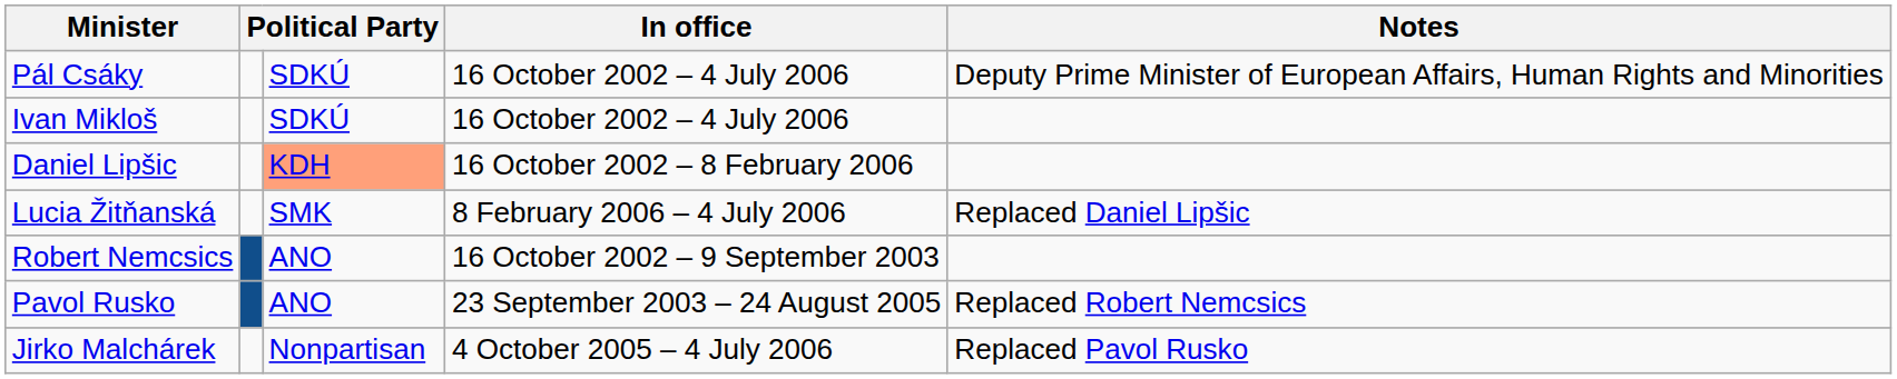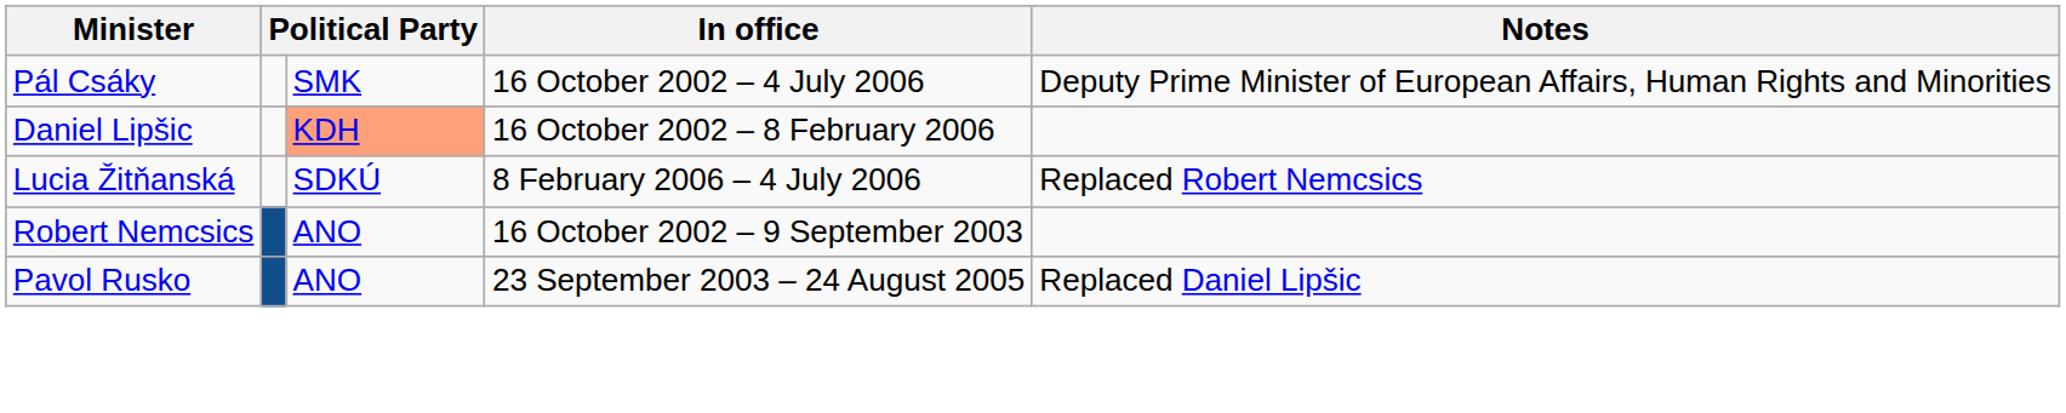 <table class="wikitable">
 <tr>
 <th>Minister</th>
 <th colspan=2>Political Party</th>
 <th>In office</th>
 <th>Notes</th>
 </tr>
 <tr>
 <td><a href='#'>Pál Csáky</a></td>
 <td style="background-color: "></td>
-<td><a href='#'>SDKÚ</a></td>
+<td><a href='#'>SMK</a></td>
 <td>16 October 2002 – 4 July 2006</td>
 <td>Deputy Prime Minister of European Affairs, Human Rights and Minorities</td>
-</tr>
-<tr>
-<td><a href='#'>Ivan Mikloš</a></td>
-<td style="background-color: "></td>
-<td><a href='#'>SDKÚ</a></td>
-<td>16 October 2002 – 4 July 2006</td>
-<td></td>
 </tr>
 <tr>
 <td><a href='#'>Daniel Lipšic</a></td>
 <td style="background-color: "></td>
 <td style="background: lightsalmon;"><a href='#'>KDH</a></td>
 <td>16 October 2002 – 8 February 2006</td>
 <td></td>
 </tr>
 <tr>
 <td><a href='#'>Lucia Žitňanská</a></td>
 <td style="background-color: "></td>
-<td><a href='#'>SMK</a></td>
+<td><a href='#'>SDKÚ</a></td>
 <td>8 February 2006 – 4 July 2006</td>
-<td>Replaced  <a href='#'>Daniel Lipšic</a></td>
+<td>Replaced <a href='#'>Robert Nemcsics</a></td>
 </tr>
 <tr>
 <td><a href='#'>Robert Nemcsics</a></td>
 <td style="background-color: #104E8B" width=5px></td>
 <td><a href='#'>ANO</a></td>
 <td>16 October 2002 – 9 September 2003</td>
 <td></td>
 </tr>
 <tr>
 <td><a href='#'>Pavol Rusko</a></td>
 <td style="background-color: #104E8B" width=5px></td>
 <td><a href='#'>ANO</a></td>
 <td>23 September 2003 – 24 August 2005</td>
-<td>Replaced <a href='#'>Robert Nemcsics</a></td>
-</tr>
-<tr>
-<td><a href='#'>Jirko Malchárek</a></td>
-<td style="background-color: "></td>
-<td><a href='#'>Nonpartisan</a></td>
-<td>4 October 2005 – 4 July 2006</td>
-<td>Replaced <a href='#'>Pavol Rusko</a></td>
+<td>Replaced  <a href='#'>Daniel Lipšic</a></td>
 </tr>
 </table>
